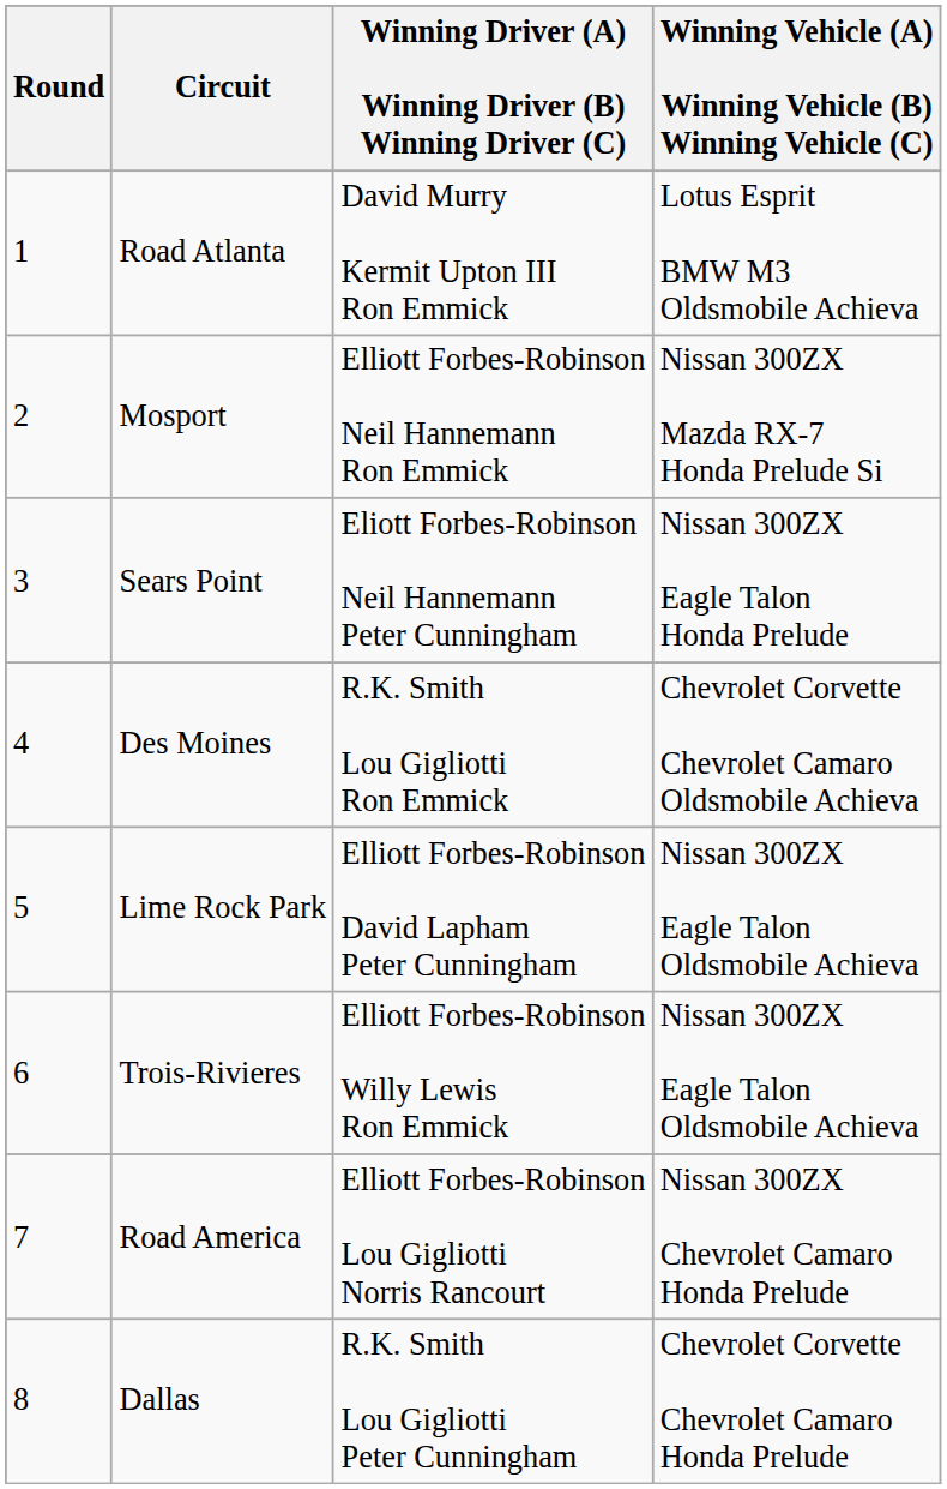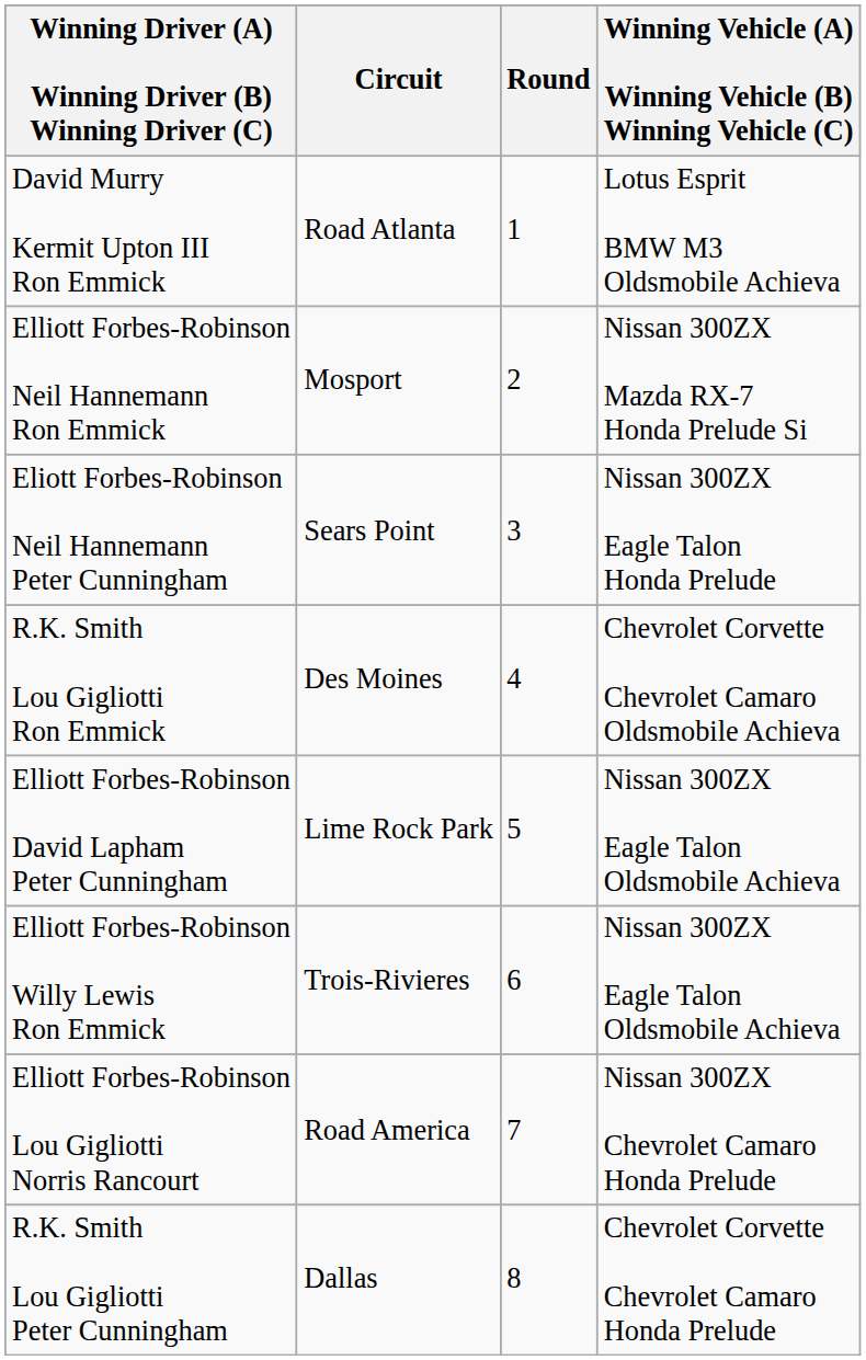 <table class="wikitable" style="font-size: 90%;">
 <tr>
+<th>Winning Driver (A)<br><br>Winning Driver (B)<br> Winning Driver (C)<br></th>
+<th>Circuit</th>
 <th>Round</th>
-<th>Circuit</th>
-<th>Winning Driver (A)<br><br>Winning Driver (B)<br> Winning Driver (C)<br></th>
 <th>Winning Vehicle (A)<br><br>Winning Vehicle (B)<br> Winning Vehicle (C)<br></th>
 </tr>
 <tr>
+<td>David Murry<br><br>Kermit Upton III<br> Ron Emmick<br></td>
+<td>Road Atlanta</td>
 <td>1</td>
-<td>Road Atlanta</td>
-<td>David Murry<br><br>Kermit Upton III<br> Ron Emmick<br></td>
 <td>Lotus Esprit<br><br>BMW M3<br> Oldsmobile Achieva<br></td>
 </tr>
 <tr>
+<td>Elliott Forbes-Robinson<br><br>Neil Hannemann<br> Ron Emmick<br></td>
+<td>Mosport</td>
 <td>2</td>
-<td>Mosport</td>
-<td>Elliott Forbes-Robinson<br><br>Neil Hannemann<br> Ron Emmick<br></td>
 <td>Nissan 300ZX<br><br>Mazda RX-7<br> Honda Prelude Si<br></td>
 </tr>
 <tr>
+<td>Eliott Forbes-Robinson<br><br>Neil Hannemann<br> Peter Cunningham<br></td>
+<td>Sears Point</td>
 <td>3</td>
-<td>Sears Point</td>
-<td>Eliott Forbes-Robinson<br><br>Neil Hannemann<br> Peter Cunningham<br></td>
 <td>Nissan 300ZX<br><br>Eagle Talon<br> Honda Prelude<br></td>
 </tr>
 <tr>
+<td>R.K. Smith<br><br> Lou Gigliotti<br> Ron Emmick<br></td>
+<td>Des Moines</td>
 <td>4</td>
-<td>Des Moines</td>
-<td>R.K. Smith<br><br> Lou Gigliotti<br> Ron Emmick<br></td>
 <td>Chevrolet Corvette<br><br>Chevrolet Camaro<br> Oldsmobile Achieva<br></td>
 </tr>
 <tr>
+<td>Elliott Forbes-Robinson<br><br>David Lapham<br> Peter Cunningham<br></td>
+<td>Lime Rock Park</td>
 <td>5</td>
-<td>Lime Rock Park</td>
-<td>Elliott Forbes-Robinson<br><br>David Lapham<br> Peter Cunningham<br></td>
 <td>Nissan 300ZX<br><br>Eagle Talon<br> Oldsmobile Achieva<br></td>
 </tr>
 <tr>
+<td> Elliott Forbes-Robinson<br><br>Willy Lewis<br> Ron Emmick<br></td>
+<td>Trois-Rivieres</td>
 <td>6</td>
-<td>Trois-Rivieres</td>
-<td> Elliott Forbes-Robinson<br><br>Willy Lewis<br> Ron Emmick<br></td>
 <td>Nissan 300ZX<br><br>Eagle Talon<br> Oldsmobile Achieva<br></td>
 </tr>
 <tr>
+<td>Elliott Forbes-Robinson<br><br>Lou Gigliotti<br> Norris Rancourt<br></td>
+<td>Road America</td>
 <td>7</td>
-<td>Road America</td>
-<td>Elliott Forbes-Robinson<br><br>Lou Gigliotti<br> Norris Rancourt<br></td>
 <td>Nissan 300ZX<br><br>Chevrolet Camaro<br> Honda Prelude<br></td>
 </tr>
 <tr>
+<td>R.K. Smith<br><br>Lou Gigliotti<br> Peter Cunningham<br></td>
+<td>Dallas</td>
 <td>8</td>
-<td>Dallas</td>
-<td>R.K. Smith<br><br>Lou Gigliotti<br> Peter Cunningham<br></td>
 <td>Chevrolet Corvette<br><br>Chevrolet Camaro<br> Honda Prelude<br></td>
 </tr>
 </table>
